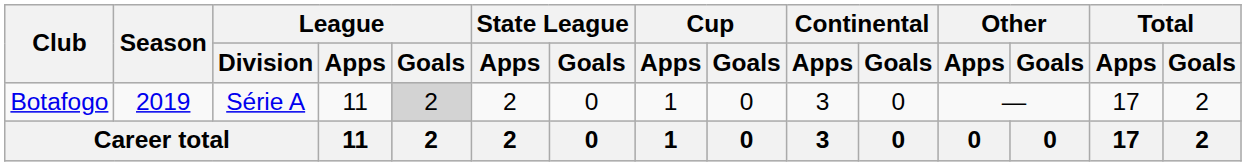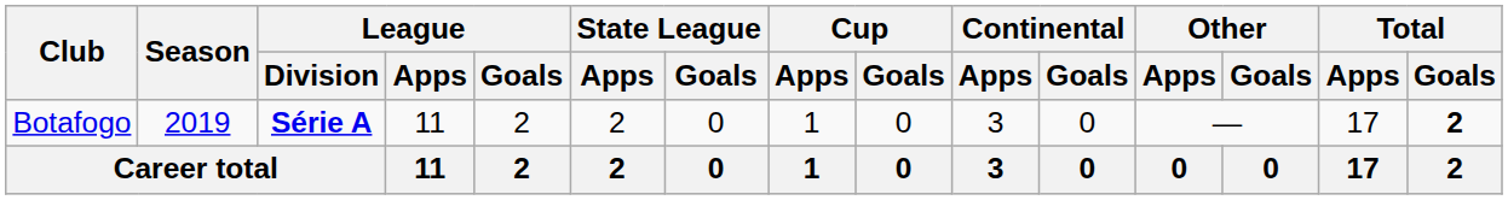 <table class="wikitable" style="text-align: center;">
 <tr>
 <th rowspan="2">Club</th>
 <th rowspan="2">Season</th>
 <th colspan="3">League</th>
 <th colspan="2">State League</th>
 <th colspan="2">Cup</th>
 <th colspan="2">Continental</th>
 <th colspan="2">Other</th>
 <th colspan="2">Total</th>
 </tr>
 <tr>
 <th>Division</th>
 <th>Apps</th>
 <th>Goals</th>
 <th>Apps</th>
 <th>Goals</th>
 <th>Apps</th>
 <th>Goals</th>
 <th>Apps</th>
 <th>Goals</th>
 <th>Apps</th>
 <th>Goals</th>
 <th>Apps</th>
 <th>Goals</th>
 </tr>
 <tr>
 <td rowspan="1" valign="center"><a href='#'>Botafogo</a></td>
 <td><a href='#'>2019</a></td>
-<td rowspan=1><a href='#'>Série A</a></td>
+<td rowspan=1><strong><a href='#'>Série A</a></strong></td>
 <td>11</td>
-<td style="background: lightgrey;">2</td>
+<td>2</td>
 <td>2</td>
 <td>0</td>
 <td>1</td>
 <td>0</td>
 <td>3</td>
 <td>0</td>
 <td colspan="2">—</td>
 <td>17</td>
-<td>2</td>
+<td><strong>2</strong></td>
 </tr>
 <tr>
 <th colspan="3"><strong>Career total</strong></th>
 <th>11</th>
 <th>2</th>
 <th>2</th>
 <th>0</th>
 <th>1</th>
 <th>0</th>
 <th>3</th>
 <th>0</th>
 <th>0</th>
 <th>0</th>
 <th>17</th>
 <th>2</th>
 </tr>
 </table>
